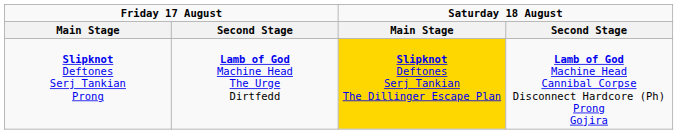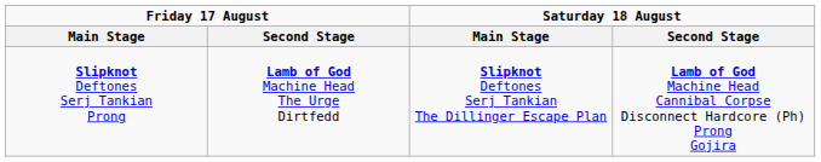 <table class="wikitable">
 <tr>
 <td colspan="2" style="text-align:center;"><strong>Friday 17 August</strong></td>
 <td colspan="2" style="text-align:center;"><strong>Saturday 18 August</strong></td>
 </tr>
 <tr>
 <th>Main Stage</th>
 <th>Second Stage</th>
 <th>Main Stage</th>
 <th>Second Stage</th>
 </tr>
 <tr>
 <td style="text-align:center; vertical-align:top; width:200px;"><br><strong><a href='#'>Slipknot</a></strong><br> <a href='#'>Deftones</a><br> <a href='#'>Serj Tankian</a><br> <a href='#'>Prong</a><br></td>
 <td style="text-align:center; vertical-align:top; width:200px;"><br><strong><a href='#'>Lamb of God</a></strong><br> <a href='#'>Machine Head</a><br> <a href='#'>The Urge</a><br> Dirtfedd<br></td>
-<td style="background: gold; text-align:center; vertical-align:top; width:200px;"><br><strong><a href='#'>Slipknot</a></strong><br> <a href='#'>Deftones</a><br> <a href='#'>Serj Tankian</a><br> <a href='#'>The Dillinger Escape Plan</a><br></td>
+<td style="text-align:center; vertical-align:top; width:200px;"><br><strong><a href='#'>Slipknot</a></strong><br> <a href='#'>Deftones</a><br> <a href='#'>Serj Tankian</a><br> <a href='#'>The Dillinger Escape Plan</a><br></td>
 <td style="text-align:center; vertical-align:top; width:200px;"><br><strong><a href='#'>Lamb of God</a></strong><br> <a href='#'>Machine Head</a><br> <a href='#'>Cannibal Corpse</a><br> Disconnect Hardcore (Ph)<br> <a href='#'>Prong</a><br> <a href='#'>Gojira</a><br></td>
 </tr>
 </table>
